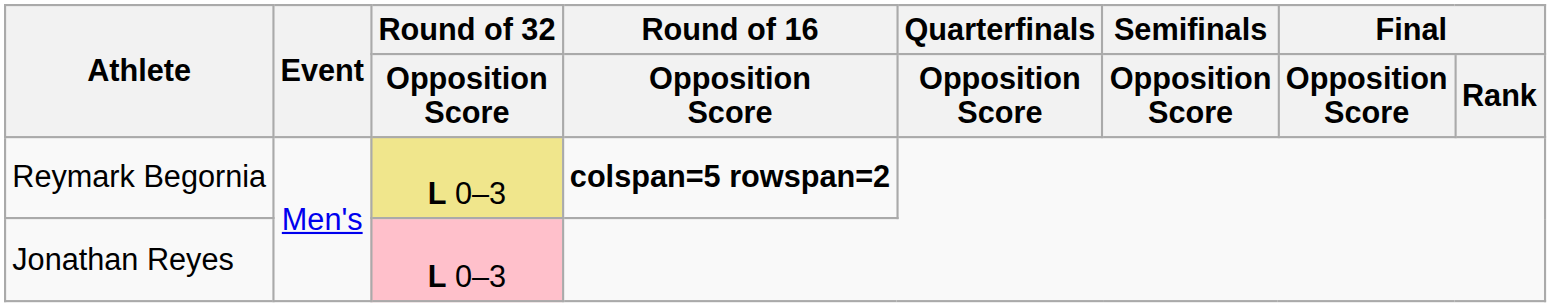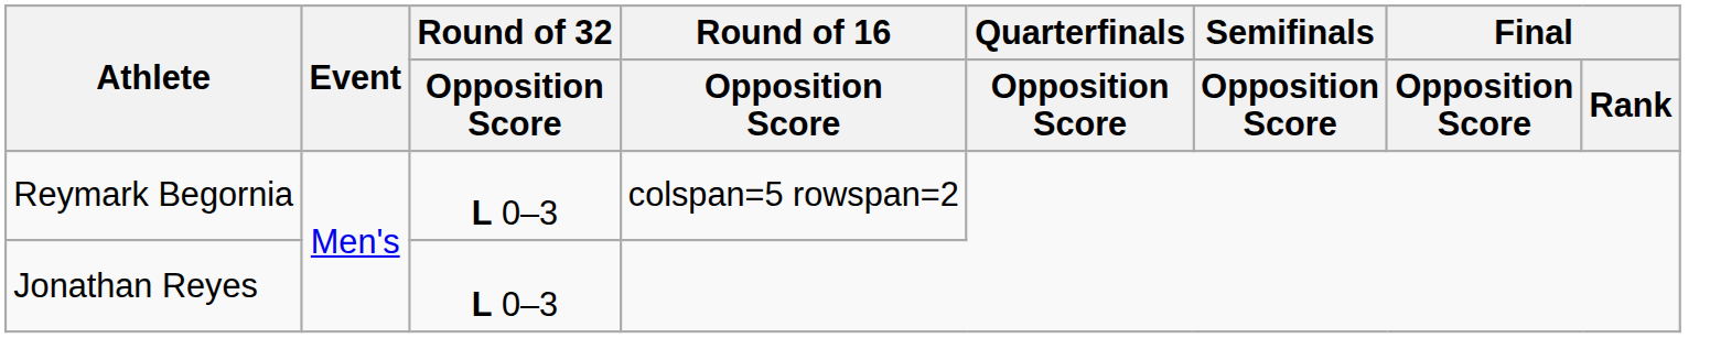 <table class=wikitable style="text-align:center; font-size:90%">
 <tr>
 <th rowspan=2>Athlete</th>
 <th rowspan=2>Event</th>
 <th>Round of 32</th>
 <th>Round of 16</th>
 <th>Quarterfinals</th>
 <th>Semifinals</th>
 <th colspan=2>Final</th>
 </tr>
 <tr>
 <th>Opposition<br>Score</th>
 <th>Opposition<br>Score</th>
 <th>Opposition<br>Score</th>
 <th>Opposition<br>Score</th>
 <th>Opposition<br>Score</th>
 <th>Rank</th>
 </tr>
 <tr>
 <td align=left>Reymark Begornia</td>
 <td rowspan=2><a href='#'>Men's</a></td>
-<td style="background: khaki;"><br><strong>L</strong> 0–3</td>
-<td><strong>colspan=5 rowspan=2 </strong></td>
+<td><br><strong>L</strong> 0–3</td>
+<td>colspan=5 rowspan=2 </td>
 </tr>
 <tr>
 <td align=left>Jonathan Reyes</td>
-<td style="background: pink;"><br><strong>L</strong> 0–3</td>
+<td><br><strong>L</strong> 0–3</td>
 </tr>
 </table>
